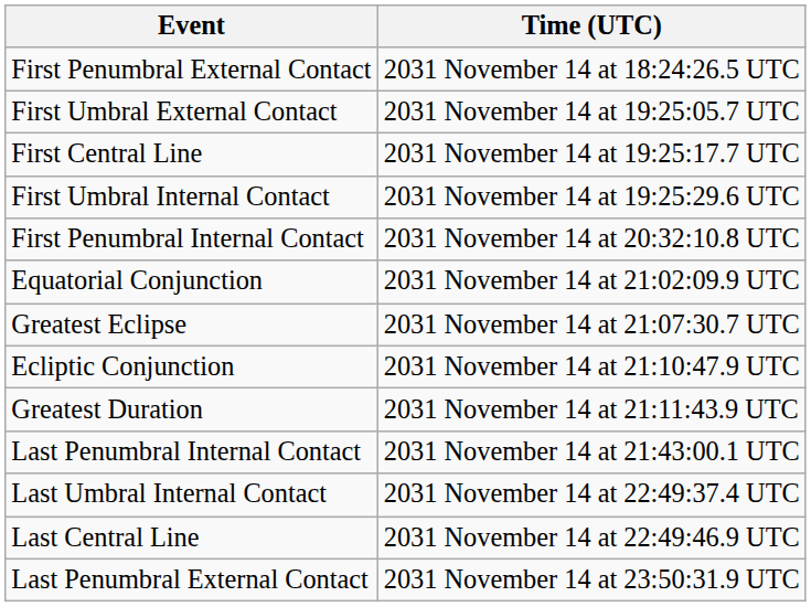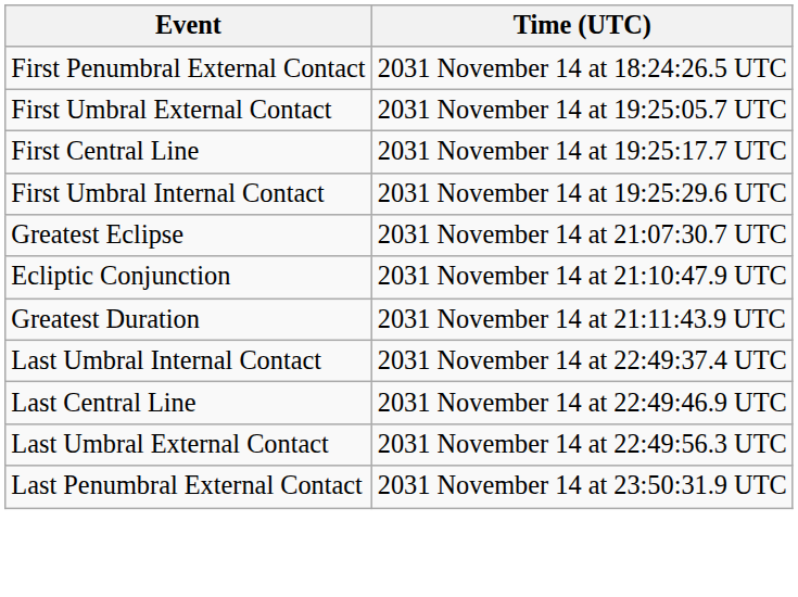 <table class="wikitable">
 <tr>
 <th>Event</th>
 <th>Time (UTC)</th>
 </tr>
 <tr>
 <td>First Penumbral External Contact</td>
 <td>2031 November 14 at 18:24:26.5 UTC</td>
 </tr>
 <tr>
 <td>First Umbral External Contact</td>
 <td>2031 November 14 at 19:25:05.7 UTC</td>
 </tr>
 <tr>
 <td>First Central Line</td>
 <td>2031 November 14 at 19:25:17.7 UTC</td>
 </tr>
 <tr>
 <td>First Umbral Internal Contact</td>
 <td>2031 November 14 at 19:25:29.6 UTC</td>
 </tr>
 <tr>
-<td>First Penumbral Internal Contact</td>
-<td>2031 November 14 at 20:32:10.8 UTC</td>
-</tr>
-<tr>
-<td>Equatorial Conjunction</td>
-<td>2031 November 14 at 21:02:09.9 UTC</td>
-</tr>
-<tr>
 <td>Greatest Eclipse</td>
 <td>2031 November 14 at 21:07:30.7 UTC</td>
 </tr>
 <tr>
 <td>Ecliptic Conjunction</td>
 <td>2031 November 14 at 21:10:47.9 UTC</td>
 </tr>
 <tr>
 <td>Greatest Duration</td>
 <td>2031 November 14 at 21:11:43.9 UTC</td>
 </tr>
 <tr>
-<td>Last Penumbral Internal Contact</td>
-<td>2031 November 14 at 21:43:00.1 UTC</td>
-</tr>
-<tr>
 <td>Last Umbral Internal Contact</td>
 <td>2031 November 14 at 22:49:37.4 UTC</td>
 </tr>
 <tr>
 <td>Last Central Line</td>
 <td>2031 November 14 at 22:49:46.9 UTC</td>
 </tr>
 <tr>
+<td>Last Umbral External Contact</td>
+<td>2031 November 14 at 22:49:56.3 UTC</td>
+</tr>
+<tr>
 <td>Last Penumbral External Contact</td>
 <td>2031 November 14 at 23:50:31.9 UTC</td>
 </tr>
 </table>
